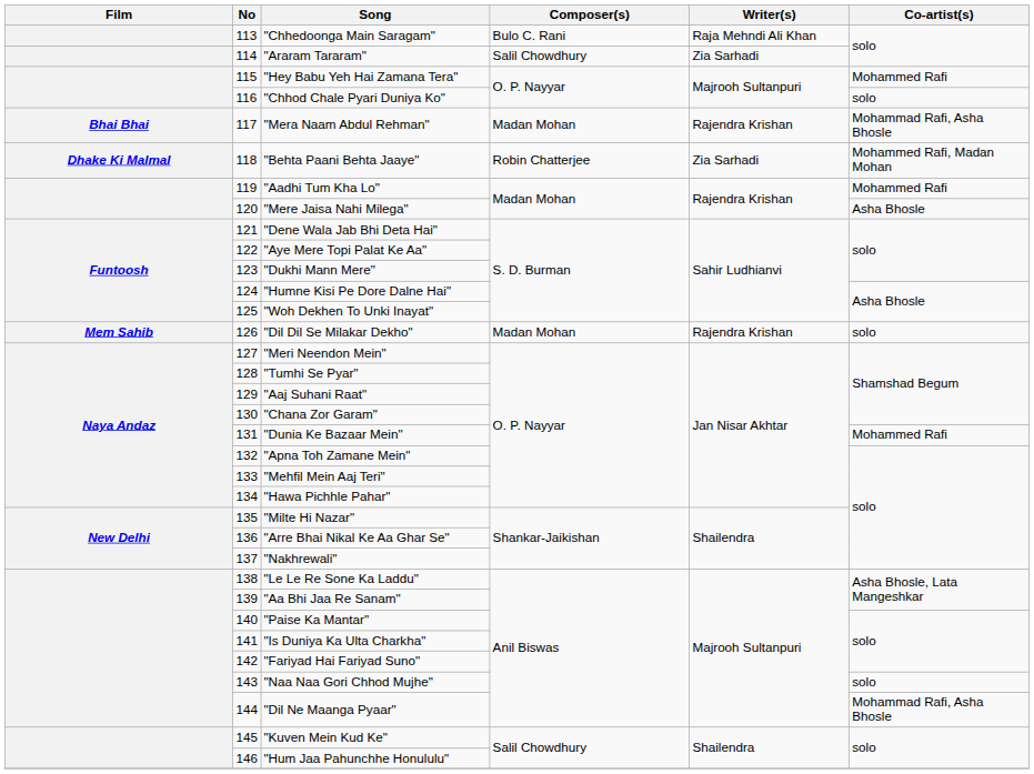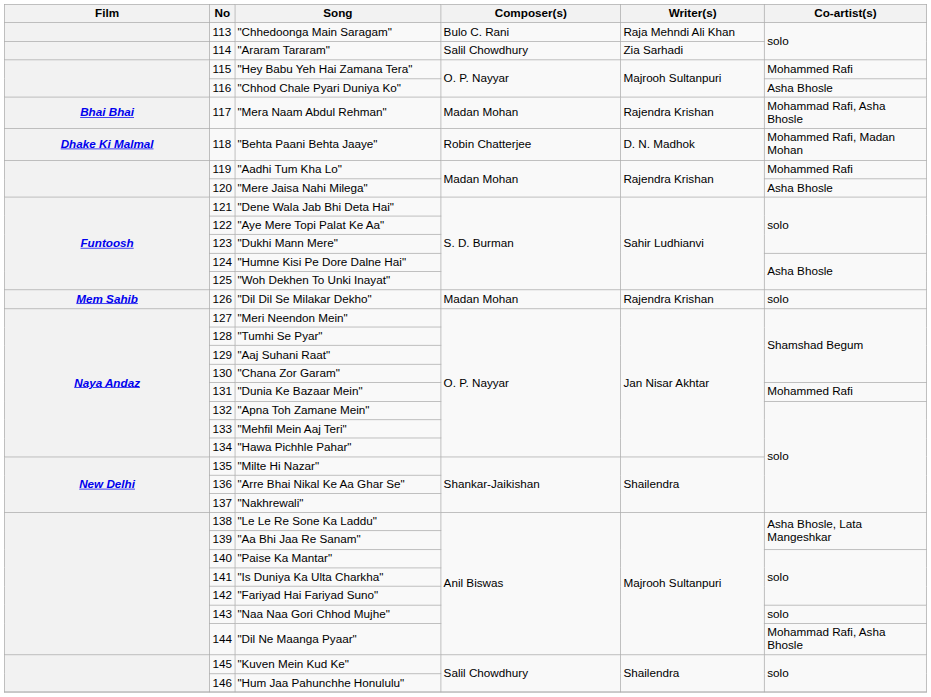 <table class="wikitable plainrowheaders" width="100%" textcolor:#000;">
 <tr style="background:#b0e0e66;">
 <th scope="col" width=23%><strong>Film</strong></th>
 <th><strong>No</strong></th>
 <th scope="col" width=23%><strong>Song</strong></th>
 <th scope="col" width=20%><strong>Composer(s)</strong></th>
 <th scope="col" width=16%><strong>Writer(s)</strong></th>
 <th scope="col" width=18%><strong>Co-artist(s)</strong></th>
 </tr>
 <tr>
 <th rowspan=1><em></em></th>
 <td>113</td>
 <td>"Chhedoonga Main Saragam"</td>
 <td rowspan=1>Bulo C. Rani</td>
 <td rowspan=1>Raja Mehndi Ali Khan</td>
 <td rowspan=2>solo</td>
 </tr>
 <tr>
 <th><em></em></th>
 <td>114</td>
 <td>"Araram Tararam"</td>
 <td>Salil Chowdhury</td>
 <td>Zia Sarhadi</td>
 </tr>
 <tr>
 <th rowspan=2><em></em></th>
 <td>115</td>
 <td>"Hey Babu Yeh Hai Zamana Tera"</td>
 <td rowspan=2>O. P. Nayyar</td>
 <td rowspan=2>Majrooh Sultanpuri</td>
 <td>Mohammed Rafi</td>
 </tr>
 <tr>
 <td>116</td>
 <td>"Chhod Chale Pyari Duniya Ko"</td>
-<td>solo</td>
+<td>Asha Bhosle</td>
 </tr>
 <tr>
 <th><em><a href='#'>Bhai Bhai</a></em></th>
 <td>117</td>
 <td>"Mera Naam Abdul Rehman"</td>
 <td>Madan Mohan</td>
 <td>Rajendra Krishan</td>
 <td>Mohammad Rafi, Asha Bhosle</td>
 </tr>
 <tr>
 <th><em><a href='#'>Dhake Ki Malmal</a></em></th>
 <td>118</td>
 <td>"Behta Paani Behta Jaaye"</td>
 <td>Robin Chatterjee</td>
-<td>Zia Sarhadi</td>
+<td>D. N. Madhok</td>
 <td>Mohammed Rafi, Madan Mohan</td>
 </tr>
 <tr>
 <th rowspan=2><em></em></th>
 <td>119</td>
 <td>"Aadhi Tum Kha Lo"</td>
 <td rowspan=2>Madan Mohan</td>
 <td rowspan=2>Rajendra Krishan</td>
 <td>Mohammed Rafi</td>
 </tr>
 <tr>
 <td>120</td>
 <td>"Mere Jaisa Nahi Milega"</td>
 <td>Asha Bhosle</td>
 </tr>
 <tr>
 <th rowspan=5><em><a href='#'>Funtoosh</a></em></th>
 <td>121</td>
 <td>"Dene Wala Jab Bhi Deta Hai"</td>
 <td rowspan=5>S. D. Burman</td>
 <td rowspan=5>Sahir Ludhianvi</td>
 <td rowspan=3>solo</td>
 </tr>
 <tr>
 <td>122</td>
 <td>"Aye Mere Topi Palat Ke Aa"</td>
 </tr>
 <tr>
 <td>123</td>
 <td>"Dukhi Mann Mere"</td>
 </tr>
 <tr>
 <td>124</td>
 <td>"Humne Kisi Pe Dore Dalne Hai"</td>
 <td rowspan=2>Asha Bhosle</td>
 </tr>
 <tr>
 <td>125</td>
 <td>"Woh Dekhen To Unki Inayat"</td>
 </tr>
 <tr>
 <th><em><a href='#'>Mem Sahib</a></em></th>
 <td>126</td>
 <td>"Dil Dil Se Milakar Dekho"</td>
 <td>Madan Mohan</td>
 <td>Rajendra Krishan</td>
 <td>solo</td>
 </tr>
 <tr>
 <th rowspan=8><em><a href='#'>Naya Andaz</a></em></th>
 <td>127</td>
 <td>"Meri Neendon Mein"</td>
 <td rowspan=8>O. P. Nayyar</td>
 <td rowspan=8>Jan Nisar Akhtar</td>
 <td rowspan=4>Shamshad Begum</td>
 </tr>
 <tr>
 <td>128</td>
 <td>"Tumhi Se Pyar"</td>
 </tr>
 <tr>
 <td>129</td>
 <td>"Aaj Suhani Raat"</td>
 </tr>
 <tr>
 <td>130</td>
 <td>"Chana Zor Garam"</td>
 </tr>
 <tr>
 <td>131</td>
 <td>"Dunia Ke Bazaar Mein"</td>
 <td>Mohammed Rafi</td>
 </tr>
 <tr>
 <td>132</td>
 <td>"Apna Toh Zamane Mein"</td>
 <td rowspan=6>solo</td>
 </tr>
 <tr>
 <td>133</td>
 <td>"Mehfil Mein Aaj Teri"</td>
 </tr>
 <tr>
 <td>134</td>
 <td>"Hawa Pichhle Pahar"</td>
 </tr>
 <tr>
 <th rowspan=3><em><a href='#'>New Delhi</a></em></th>
 <td>135</td>
 <td>"Milte Hi Nazar"</td>
 <td rowspan=3>Shankar-Jaikishan</td>
 <td rowspan=3>Shailendra</td>
 </tr>
 <tr>
 <td>136</td>
 <td>"Arre Bhai Nikal Ke Aa Ghar Se"</td>
 </tr>
 <tr>
 <td>137</td>
 <td>"Nakhrewali"</td>
 </tr>
 <tr>
 <th rowspan=7><em></em></th>
 <td>138</td>
 <td>"Le Le Re Sone Ka Laddu"</td>
 <td rowspan=7>Anil Biswas</td>
 <td rowspan=7>Majrooh Sultanpuri</td>
 <td rowspan=2>Asha Bhosle, Lata Mangeshkar</td>
 </tr>
 <tr>
 <td>139</td>
 <td>"Aa Bhi Jaa Re Sanam"</td>
 </tr>
 <tr>
 <td>140</td>
 <td>"Paise Ka Mantar"</td>
 <td rowspan=3>solo</td>
 </tr>
 <tr>
 <td>141</td>
 <td>"Is Duniya Ka Ulta Charkha"</td>
 </tr>
 <tr>
 <td>142</td>
 <td>"Fariyad Hai Fariyad Suno"</td>
 </tr>
 <tr>
 <td>143</td>
 <td>"Naa Naa Gori Chhod Mujhe"</td>
 <td>solo</td>
 </tr>
 <tr>
 <td>144</td>
 <td>"Dil Ne Maanga Pyaar"</td>
 <td>Mohammad Rafi, Asha Bhosle</td>
 </tr>
 <tr>
 <th rowspan=2><em></em></th>
 <td>145</td>
 <td>"Kuven Mein Kud Ke"</td>
 <td rowspan=2>Salil Chowdhury</td>
 <td rowspan=2>Shailendra</td>
 <td rowspan=2>solo</td>
 </tr>
 <tr>
 <td>146</td>
 <td>"Hum Jaa Pahunchhe Honululu"</td>
 </tr>
 <tr>
 </tr>
 </table>
